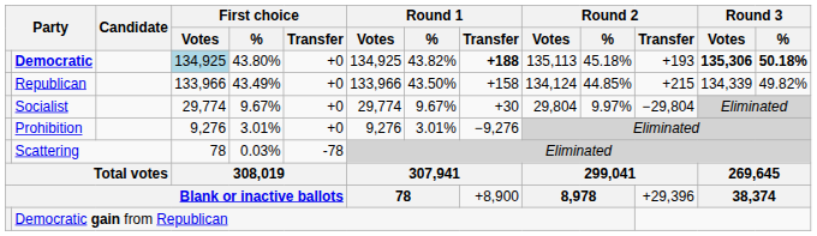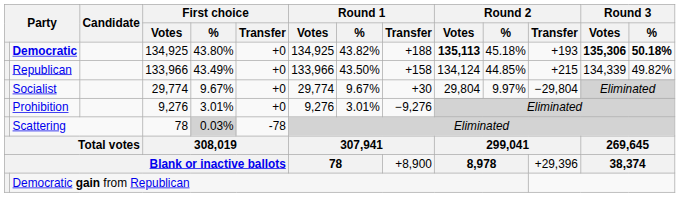 <table class="wikitable sortable" style="text-align:right">
 <tr>
 <th colspan=2 rowspan=2>Party</th>
 <th rowspan=2>Candidate</th>
 <th colspan=3>First choice</th>
 <th colspan=3>Round 1</th>
 <th colspan=3>Round 2</th>
 <th colspan=2>Round 3</th>
 </tr>
 <tr>
 <th>Votes</th>
 <th>%</th>
 <th>Transfer</th>
 <th>Votes</th>
 <th>%</th>
 <th>Transfer</th>
 <th>Votes</th>
 <th>%</th>
 <th>Transfer</th>
 <th>Votes</th>
 <th>%</th>
 </tr>
 <tr>
 <th style="background-color:"></th>
 <td style="text-align:left"><strong><a href='#'>Democratic</a></strong></td>
 <td style="text-align:left" scope="row"><strong></strong></td>
-<td style="background: lightblue;">134,925</td>
+<td>134,925</td>
 <td>43.80%</td>
 <td>+0</td>
 <td>134,925</td>
 <td>43.82%</td>
-<td><strong>+188</strong></td>
-<td>135,113</td>
+<td>+188</td>
+<td><strong>135,113</strong></td>
 <td>45.18%</td>
 <td>+193</td>
 <td><strong>135,306</strong></td>
 <td><strong>50.18%</strong></td>
 </tr>
 <tr>
 <th style="background-color:"></th>
 <td style="text-align:left"><a href='#'>Republican</a></td>
 <td style="text-align:left" scope="row"></td>
 <td>133,966</td>
 <td>43.49%</td>
 <td>+0</td>
 <td>133,966</td>
 <td>43.50%</td>
 <td>+158</td>
 <td>134,124</td>
 <td>44.85%</td>
 <td>+215</td>
 <td>134,339</td>
 <td>49.82%</td>
 </tr>
 <tr>
 <th style="background-color:"></th>
 <td style="text-align:left"><a href='#'>Socialist</a></td>
 <td style="text-align:left" scope="row"></td>
 <td>29,774</td>
 <td>9.67%</td>
 <td>+0</td>
 <td>29,774</td>
 <td>9.67%</td>
 <td>+30</td>
 <td>29,804</td>
 <td>9.97%</td>
 <td>−29,804</td>
 <td colspan=3 style="background:lightgrey;text-align:center;"><em>Eliminated</em></td>
 </tr>
 <tr>
 <th style="background-color:"></th>
 <td style="text-align:left"><a href='#'>Prohibition</a></td>
 <td style="text-align:left" scope="row"></td>
 <td>9,276</td>
 <td>3.01%</td>
 <td>+0</td>
 <td>9,276</td>
 <td>3.01%</td>
 <td>−9,276</td>
 <td colspan=5 style="background:lightgrey;text-align:center;"><em>Eliminated</em></td>
 </tr>
 <tr>
 <th style="background-color:"></th>
 <td style="text-align:left" colspan=2><a href='#'>Scattering</a></td>
 <td>78</td>
-<td>0.03%</td>
+<td style="background: lightgrey;">0.03%</td>
 <td>-78</td>
 <td colspan="8" style="background:lightgrey; text-align:center;"><em>Eliminated</em></td>
 </tr>
 <tr class="sortbottom" style="background-color:#F6F6F6">
 <th colspan=3 scope="row" style="text-align:right;"><strong>Total votes</strong></th>
 <th colspan=3><strong>308,019</strong></th>
 <th colspan=3><strong>307,941</strong></th>
 <th colspan=3><strong>299,041</strong></th>
 <th colspan=2><strong>269,645</strong></th>
 </tr>
 <tr class="sortbottom" style="background-color:#F6F6F6">
 <th colspan=6 scope="row" style="text-align:right;"><a href='#'>Blank or inactive ballots</a></th>
 <th colspan=2>78</th>
 <td>+8,900</td>
 <th colspan=2>8,978</th>
 <td>+29,396</td>
 <th colspan=2>38,374</th>
 </tr>
 <tr class="sortbottom" style="background:#f6f6f6;">
 <th style="background-color:"></th>
 <td style="text-align:left" colspan=10><a href='#'>Democratic</a> <strong>gain</strong> from <a href='#'>Republican</a></td>
 </tr>
 </table>
